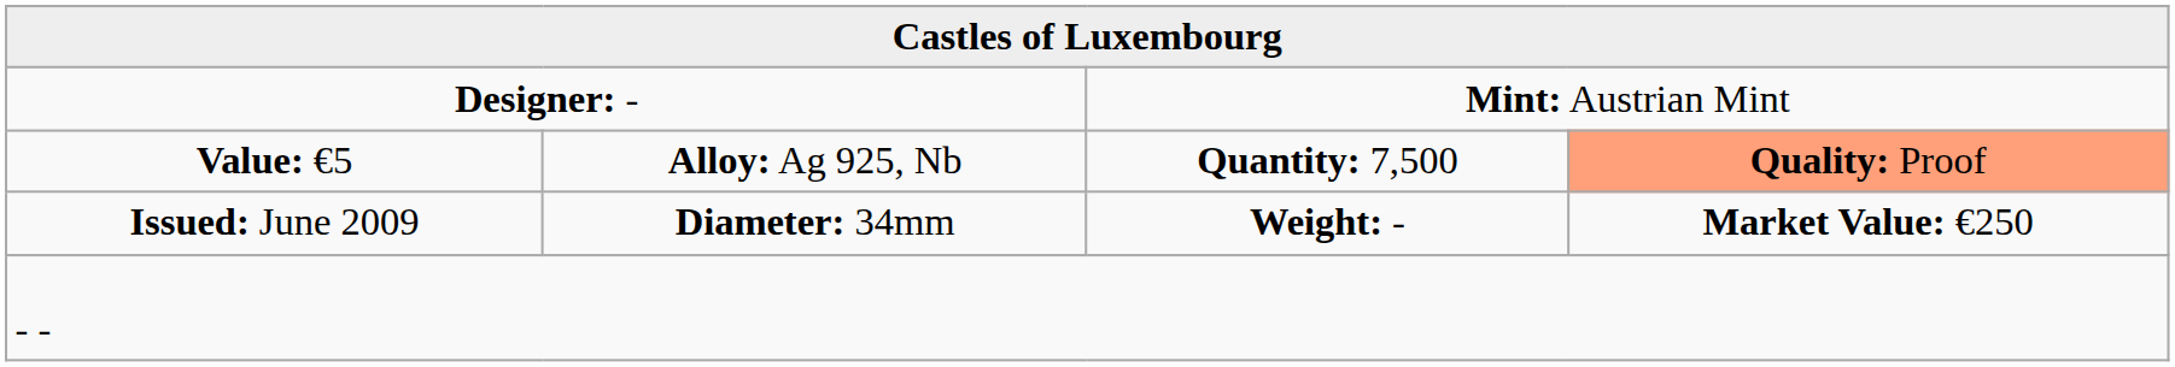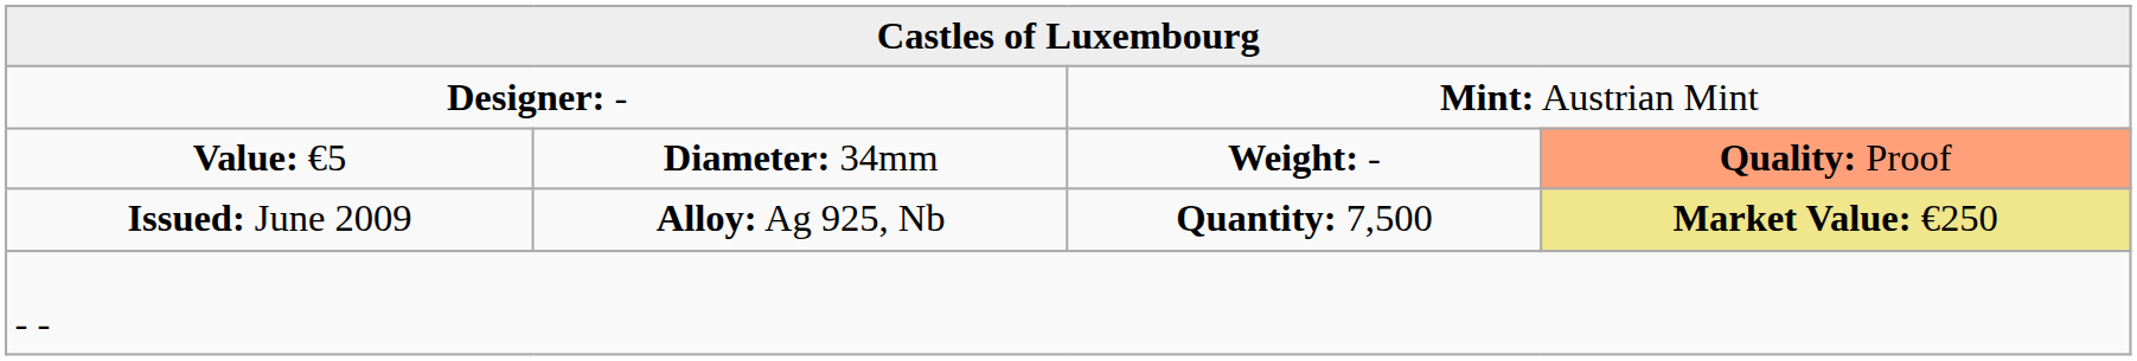 <table class="wikitable" width=100%>
 <tr>
 <th colspan="4" align=center style="background:#eeeeee;">Castles of Luxembourg</th>
 </tr>
 <tr>
 <td colspan="2" width="50%" align=center><strong>Designer:</strong>	-</td>
 <td colspan="2" width="50%" align=center><strong>Mint:</strong> Austrian Mint</td>
 </tr>
 <tr>
 <td align=center><strong>Value:</strong>	€5</td>
-<td align=center><strong>Alloy:</strong>	Ag 925, Nb</td>
-<td align=center><strong>Quantity:</strong>	7,500</td>
+<td align=center><strong>Diameter:</strong>	34mm</td>
+<td align=center><strong>Weight:</strong>	-</td>
 <td align=center style="background: lightsalmon;"><strong>Quality:</strong>	Proof</td>
 </tr>
 <tr>
 <td align=center><strong>Issued:</strong>	June 2009</td>
-<td align=center><strong>Diameter:</strong>	34mm</td>
-<td align=center><strong>Weight:</strong>	-</td>
-<td align=center><strong>Market Value:</strong>	€250</td>
+<td align=center><strong>Alloy:</strong>	Ag 925, Nb</td>
+<td align=center><strong>Quantity:</strong>	7,500</td>
+<td align=center style="background: khaki;"><strong>Market Value:</strong>	€250</td>
 </tr>
 <tr>
 <td colspan="5" align=left><br>-	 -</td>
 </tr>
 </table>
